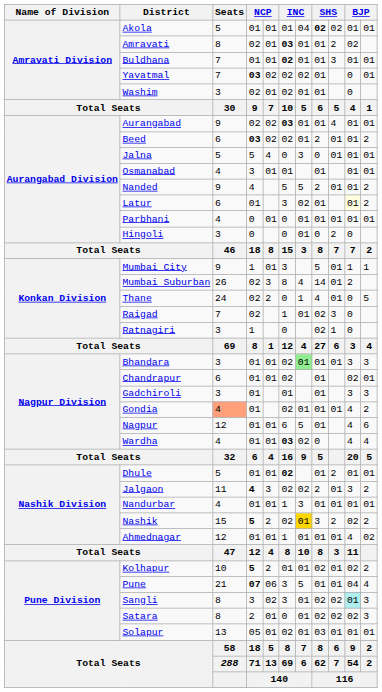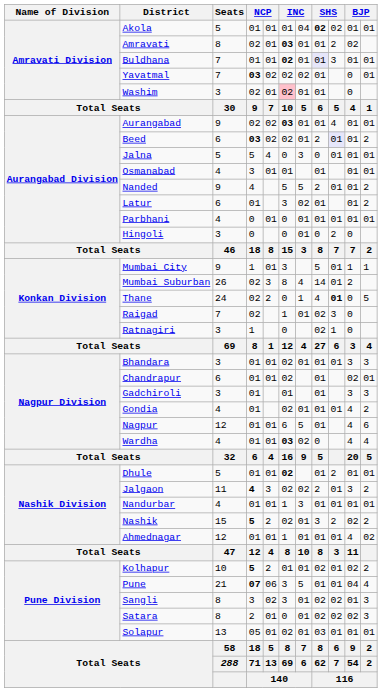 <table class="wikitable sortable">
 <tr>
 <th>Name of Division</th>
 <th>District</th>
 <th>Seats</th>
 <th colspan="2"><a href='#'>NCP</a></th>
 <th colspan="2"><a href='#'>INC</a></th>
 <th colspan="2"><a href='#'>SHS</a></th>
 <th colspan="2"><a href='#'>BJP</a></th>
 </tr>
 <tr>
 <th rowspan="5"><a href='#'>Amravati Division</a></th>
 <td><a href='#'>Akola</a></td>
 <td>5</td>
 <td>01</td>
 <td> 01</td>
 <td>01</td>
 <td> 04</td>
 <td><strong>02</strong></td>
 <td> 02</td>
 <td>01</td>
 <td> 01</td>
 </tr>
 <tr>
 <td><a href='#'>Amravati</a></td>
 <td>8</td>
 <td>02</td>
 <td> 01</td>
 <td><strong>03</strong></td>
 <td> 01</td>
 <td>01</td>
 <td> 2</td>
 <td>02</td>
 <td></td>
 </tr>
 <tr>
 <td><a href='#'>Buldhana</a></td>
 <td>7</td>
 <td>01</td>
 <td> 01</td>
 <td><strong>02</strong></td>
 <td> 01</td>
-<td>01</td>
+<td style="background: lavender;">01</td>
 <td> 3</td>
 <td>01</td>
 <td> 01</td>
 </tr>
 <tr>
 <td><a href='#'>Yavatmal</a></td>
 <td>7</td>
 <td><strong>03</strong></td>
 <td> 02</td>
 <td>02</td>
 <td> 02</td>
 <td>01</td>
 <td></td>
 <td>0</td>
 <td> 01</td>
 </tr>
 <tr>
 <td><a href='#'>Washim</a></td>
 <td>3</td>
 <td>02</td>
 <td> 01</td>
-<td>02</td>
+<td style="background: pink;">02</td>
 <td> 01</td>
 <td>01</td>
 <td></td>
 <td>0</td>
 <td></td>
 </tr>
 <tr>
 <th colspan="2">Total Seats</th>
 <th>30</th>
 <th>9</th>
 <th> 7</th>
 <th>10</th>
 <th> 5</th>
 <th>6</th>
 <th> 5</th>
 <th>4</th>
 <th> 1</th>
 </tr>
 <tr>
 <th rowspan="8"><a href='#'>Aurangabad Division</a></th>
 <td><a href='#'>Aurangabad</a></td>
 <td>9</td>
 <td>02</td>
 <td> 02</td>
 <td><strong>03</strong></td>
 <td> 01</td>
 <td>01</td>
 <td> 4</td>
 <td>01</td>
 <td> 01</td>
 </tr>
 <tr>
 <td><a href='#'>Beed</a></td>
 <td>6</td>
 <td><strong>03</strong></td>
 <td> 02</td>
 <td>02</td>
 <td> 01</td>
 <td>2</td>
-<td> 01</td>
+<td style="background: lavender;"> 01</td>
 <td>01</td>
 <td> 2</td>
 </tr>
 <tr>
 <td><a href='#'>Jalna</a></td>
 <td>5</td>
 <td>5</td>
 <td> 4</td>
 <td>0</td>
 <td> 3</td>
 <td>0</td>
 <td> 01</td>
 <td>01</td>
 <td> 01</td>
 </tr>
 <tr>
 <td><a href='#'>Osmanabad</a></td>
 <td>4</td>
 <td>3</td>
 <td> 01</td>
 <td>01</td>
 <td></td>
 <td>01</td>
 <td></td>
 <td>01</td>
 <td> 01</td>
 </tr>
 <tr>
 <td><a href='#'>Nanded</a></td>
 <td>9</td>
 <td>4</td>
 <td></td>
 <td>5</td>
 <td> 5</td>
 <td>2</td>
 <td> 01</td>
 <td>01</td>
 <td> 2</td>
 </tr>
 <tr>
 <td><a href='#'>Latur</a></td>
 <td>6</td>
 <td>01</td>
 <td></td>
 <td>3</td>
 <td> 02</td>
 <td>01</td>
 <td></td>
-<td style="background: lightyellow;">01</td>
+<td>01</td>
 <td> 2</td>
 </tr>
 <tr>
 <td><a href='#'>Parbhani</a></td>
 <td>4</td>
 <td>0</td>
 <td> 01</td>
 <td>0</td>
 <td> 01</td>
 <td>01</td>
 <td> 01</td>
 <td>01</td>
 <td> 01</td>
 </tr>
 <tr>
 <td><a href='#'>Hingoli</a></td>
 <td>3</td>
 <td>0</td>
 <td></td>
 <td>0</td>
 <td> 01</td>
 <td>0</td>
 <td> 2</td>
 <td>0</td>
 <td></td>
 </tr>
 <tr>
 <th colspan="2">Total Seats</th>
 <th>46</th>
 <th>18</th>
 <th> 8</th>
 <th>15</th>
 <th> 3</th>
 <th>8</th>
 <th> 7</th>
 <th>7</th>
 <th> 2</th>
 </tr>
 <tr>
 <th rowspan="5"><a href='#'>Konkan Division</a></th>
 <td><a href='#'>Mumbai City</a></td>
 <td>9</td>
 <td>1</td>
 <td> 01</td>
 <td>3</td>
 <td></td>
 <td>5</td>
 <td> 01</td>
 <td>1</td>
 <td> 1</td>
 </tr>
 <tr>
 <td><a href='#'>Mumbai Suburban</a></td>
 <td>26</td>
 <td>02</td>
 <td> 3</td>
 <td>8</td>
 <td> 4</td>
 <td>14</td>
 <td> 01</td>
 <td>2</td>
 <td></td>
 </tr>
 <tr>
 <td><a href='#'>Thane</a></td>
 <td>24</td>
 <td>02</td>
 <td> 2</td>
 <td>0</td>
 <td> 1</td>
 <td>4</td>
-<td> 01</td>
+<td><strong> 01</strong></td>
 <td>0</td>
 <td> 5</td>
 </tr>
 <tr>
 <td><a href='#'>Raigad</a></td>
 <td>7</td>
 <td>02</td>
 <td></td>
 <td>1</td>
 <td> 01</td>
 <td>02</td>
 <td> 3</td>
 <td>0</td>
 <td></td>
 </tr>
 <tr>
 <td><a href='#'>Ratnagiri</a></td>
 <td>3</td>
 <td>1</td>
 <td></td>
 <td>0</td>
 <td></td>
 <td>02</td>
 <td> 1</td>
 <td>0</td>
 <td></td>
 </tr>
 <tr>
 <th colspan="2">Total Seats</th>
 <th>69</th>
 <th>8</th>
 <th> 1</th>
 <th>12</th>
 <th> 4</th>
 <th>27</th>
 <th> 6</th>
 <th>3</th>
 <th> 4</th>
 </tr>
 <tr>
 <th rowspan="6"><a href='#'>Nagpur Division</a></th>
 <td><a href='#'>Bhandara</a></td>
 <td>3</td>
 <td>01</td>
 <td> 01</td>
 <td>02</td>
-<td style="background: lightgreen;"> 01</td>
+<td> 01</td>
 <td>01</td>
 <td> 01</td>
 <td>3</td>
 <td> 3</td>
 </tr>
 <tr>
 <td><a href='#'>Chandrapur</a></td>
 <td>6</td>
 <td>01</td>
 <td> 01</td>
 <td>02</td>
 <td></td>
 <td>01</td>
 <td></td>
 <td>02</td>
 <td> 01</td>
 </tr>
 <tr>
 <td><a href='#'>Gadchiroli</a></td>
 <td>3</td>
 <td>01</td>
 <td></td>
 <td>01</td>
 <td></td>
 <td>01</td>
 <td></td>
 <td>3</td>
 <td> 3</td>
 </tr>
 <tr>
 <td><a href='#'>Gondia</a></td>
-<td style="background: lightsalmon;">4</td>
+<td>4</td>
 <td>01</td>
 <td></td>
 <td>02</td>
 <td> 01</td>
 <td>01</td>
 <td> 01</td>
 <td>4</td>
 <td> 2</td>
 </tr>
 <tr>
 <td><a href='#'>Nagpur</a></td>
 <td>12</td>
 <td>01</td>
 <td> 01</td>
 <td>6</td>
 <td> 5</td>
 <td>01</td>
 <td></td>
 <td>4</td>
 <td> 6</td>
 </tr>
 <tr>
 <td><a href='#'>Wardha</a></td>
 <td>4</td>
 <td>01</td>
 <td> 01</td>
 <td><strong>03</strong></td>
 <td> 02</td>
 <td>0</td>
 <td></td>
 <td>4</td>
 <td> 4</td>
 </tr>
 <tr>
 <th colspan="2">Total Seats</th>
 <th>32</th>
 <th>6</th>
 <th> 4</th>
 <th>16</th>
 <th> 9</th>
 <th>5</th>
 <th></th>
 <th>20</th>
 <th> 5</th>
 </tr>
 <tr>
 <th rowspan="5"><a href='#'>Nashik Division</a></th>
 <td><a href='#'>Dhule</a></td>
 <td>5</td>
 <td>01</td>
 <td> 01</td>
 <td><strong>02</strong></td>
 <td></td>
 <td>01</td>
 <td> 2</td>
 <td>01</td>
 <td> 01</td>
 </tr>
 <tr>
 <td><a href='#'>Jalgaon</a></td>
 <td>11</td>
 <td><strong>4</strong></td>
 <td> 3</td>
 <td>02</td>
 <td> 02</td>
 <td>2</td>
 <td> 01</td>
 <td>3</td>
 <td> 2</td>
 </tr>
 <tr>
 <td><a href='#'>Nandurbar</a></td>
 <td>4</td>
 <td>01</td>
 <td> 01</td>
 <td>1</td>
 <td> 3</td>
 <td>01</td>
 <td> 01</td>
 <td>01</td>
 <td> 01</td>
 </tr>
 <tr>
 <td><a href='#'>Nashik</a></td>
 <td>15</td>
 <td><strong>5</strong></td>
 <td> 2</td>
 <td>02</td>
-<td style="background: gold;"> 01</td>
+<td> 01</td>
 <td>3</td>
 <td> 2</td>
 <td>02</td>
 <td> 2</td>
 </tr>
 <tr>
 <td><a href='#'>Ahmednagar</a></td>
 <td>12</td>
 <td>01</td>
 <td> 01</td>
 <td>1</td>
 <td> 01</td>
 <td>01</td>
 <td> 01</td>
 <td>4</td>
 <td> 02</td>
 </tr>
 <tr>
 <th colspan="2">Total Seats</th>
 <th>47</th>
 <th>12</th>
 <th> 4</th>
 <th>8</th>
 <th> 10</th>
 <th>8</th>
 <th> 3</th>
 <th>11</th>
 <th></th>
 </tr>
 <tr>
 <th rowspan="5"><a href='#'>Pune Division</a></th>
 <td><a href='#'>Kolhapur</a></td>
 <td>10</td>
 <td><strong>5</strong></td>
 <td> 2</td>
 <td>01</td>
 <td> 01</td>
 <td>02</td>
 <td> 01</td>
 <td>02</td>
 <td> 2</td>
 </tr>
 <tr>
 <td><a href='#'>Pune</a></td>
 <td>21</td>
 <td><strong>07</strong></td>
 <td> 06</td>
 <td>3</td>
 <td> 5</td>
 <td>01</td>
 <td> 01</td>
 <td>04</td>
 <td> 4</td>
 </tr>
 <tr>
 <td><a href='#'>Sangli</a></td>
 <td>8</td>
 <td>3</td>
 <td> 02</td>
 <td>3</td>
 <td> 01</td>
 <td>02</td>
 <td> 02</td>
-<td style="background: paleturquoise;">01</td>
+<td>01</td>
 <td> 3</td>
 </tr>
 <tr>
 <td><a href='#'>Satara</a></td>
 <td>8</td>
 <td>2</td>
 <td> 01</td>
 <td>0</td>
 <td> 01</td>
 <td>02</td>
 <td> 02</td>
 <td>02</td>
 <td> 3</td>
 </tr>
 <tr>
 <td><a href='#'>Solapur</a></td>
 <td>13</td>
 <td>05</td>
 <td> 01</td>
 <td>02</td>
 <td> 01</td>
 <td>03</td>
 <td> 01</td>
 <td>01</td>
 <td> 01</td>
 </tr>
 <tr>
 <th colspan="2" rowspan="3">Total Seats</th>
 <th>58</th>
 <th>18</th>
 <th> 5</th>
 <th>8</th>
 <th> 7</th>
 <th>8</th>
 <th> 6</th>
 <th>9</th>
 <th> 2</th>
 </tr>
 <tr>
 <th><em>288</em></th>
 <th>71</th>
 <th> 13</th>
 <th>69</th>
 <th> 6</th>
 <th>62</th>
 <th> 7</th>
 <th>54</th>
 <th> 2</th>
 </tr>
 <tr>
 <th></th>
 <th colspan="4">140</th>
 <th colspan="4">116</th>
 </tr>
 </table>
